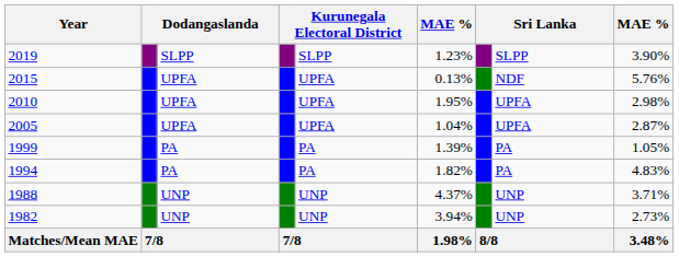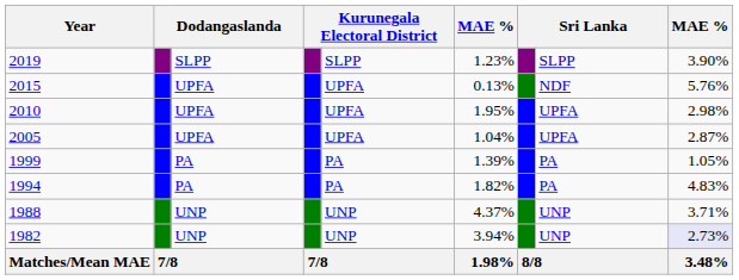 <table class="wikitable">
 <tr>
 <th>Year</th>
 <th colspan="2" width="144px">Dodangaslanda</th>
 <th colspan="2" width="144px"><a href='#'>Kurunegala Electoral District</a></th>
 <th><a href='#'>MAE</a> %</th>
 <th colspan="2" width="144px">Sri Lanka</th>
 <th>MAE %</th>
 </tr>
 <tr>
 <td><a href='#'>2019</a></td>
 <td style="background-color:purple;" width="10px"></td>
 <td style="text-align:left;"><a href='#'>SLPP</a></td>
 <td style="background-color:purple;" width="10px"></td>
 <td style="text-align:left;"><a href='#'>SLPP</a></td>
 <td style="text-align:right;">1.23%</td>
 <td style="background-color:purple;" width="10px"></td>
 <td style="text-align:left;"><a href='#'>SLPP</a></td>
 <td style="text-align:right;">3.90%</td>
 </tr>
 <tr>
 <td><a href='#'>2015</a></td>
 <td style="background-color:blue;" width="10px"></td>
 <td style="text-align:left;"><a href='#'>UPFA</a></td>
 <td style="background-color:blue;" width="10px"></td>
 <td style="text-align:left;"><a href='#'>UPFA</a></td>
 <td style="text-align:right;">0.13%</td>
 <td style="background-color:green;" width="10px"></td>
 <td style="text-align:left;"><a href='#'>NDF</a></td>
 <td style="text-align:right;">5.76%</td>
 </tr>
 <tr>
 <td><a href='#'>2010</a></td>
 <td style="background-color:blue;" width="10px"></td>
 <td style="text-align:left;"><a href='#'>UPFA</a></td>
 <td style="background-color:blue;" width="10px"></td>
 <td style="text-align:left;"><a href='#'>UPFA</a></td>
 <td style="text-align:right;">1.95%</td>
 <td style="background-color:blue;" width="10px"></td>
 <td style="text-align:left;"><a href='#'>UPFA</a></td>
 <td style="text-align:right;">2.98%</td>
 </tr>
 <tr>
 <td><a href='#'>2005</a></td>
 <td style="background-color:blue;" width="10px"></td>
 <td style="text-align:left;"><a href='#'>UPFA</a></td>
 <td style="background-color:blue;" width="10px"></td>
 <td style="text-align:left;"><a href='#'>UPFA</a></td>
 <td style="text-align:right;">1.04%</td>
 <td style="background-color:blue;" width="10px"></td>
 <td style="text-align:left;"><a href='#'>UPFA</a></td>
 <td style="text-align:right;">2.87%</td>
 </tr>
 <tr>
 <td><a href='#'>1999</a></td>
 <td style="background-color:blue;" width="10px"></td>
 <td style="text-align:left;"><a href='#'>PA</a></td>
 <td style="background-color:blue;" width="10px"></td>
 <td style="text-align:left;"><a href='#'>PA</a></td>
 <td style="text-align:right;">1.39%</td>
 <td style="background-color:blue;" width="10px"></td>
 <td style="text-align:left;"><a href='#'>PA</a></td>
 <td style="text-align:right;">1.05%</td>
 </tr>
 <tr>
 <td><a href='#'>1994</a></td>
 <td style="background-color:blue;" width="10px"></td>
 <td style="text-align:left;"><a href='#'>PA</a></td>
 <td style="background-color:blue;" width="10px"></td>
 <td style="text-align:left;"><a href='#'>PA</a></td>
 <td style="text-align:right;">1.82%</td>
 <td style="background-color:blue;" width="10px"></td>
 <td style="text-align:left;"><a href='#'>PA</a></td>
 <td style="text-align:right;">4.83%</td>
 </tr>
 <tr>
 <td><a href='#'>1988</a></td>
 <td style="background-color:green;" width="10px"></td>
 <td style="text-align:left;"><a href='#'>UNP</a></td>
 <td style="background-color:green;" width="10px"></td>
 <td style="text-align:left;"><a href='#'>UNP</a></td>
 <td style="text-align:right;">4.37%</td>
 <td style="background-color:green;" width="10px"></td>
 <td style="text-align:left;"><a href='#'>UNP</a></td>
 <td style="text-align:right;">3.71%</td>
 </tr>
 <tr>
 <td><a href='#'>1982</a></td>
 <td style="background-color:green;" width="10px"></td>
 <td style="text-align:left;"><a href='#'>UNP</a></td>
 <td style="background-color:green;" width="10px"></td>
 <td style="text-align:left;"><a href='#'>UNP</a></td>
 <td style="text-align:right;">3.94%</td>
 <td style="background-color:green;" width="10px"></td>
 <td style="text-align:left;"><a href='#'>UNP</a></td>
-<td style="text-align:right;">2.73%</td>
+<td style="background: lavender; text-align:right;">2.73%</td>
 </tr>
 <tr>
 <th>Matches/Mean MAE</th>
 <th style="text-align:left;"colspan="2" width="144px">7/8</th>
 <th style="text-align:left;"colspan="2" width="144px">7/8</th>
 <th style="text-align:right;">1.98%</th>
 <th style="text-align:left;"colspan="2" width="144px">8/8</th>
 <th style="text-align:right;">3.48%</th>
 </tr>
 </table>
